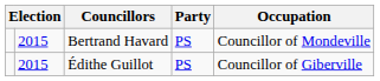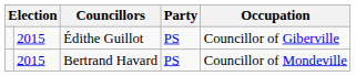 <table class="wikitable">
 <tr>
 <th colspan="2">Election</th>
 <th>Councillors</th>
 <th>Party</th>
 <th>Occupation</th>
 </tr>
 <tr>
 <td style="background-color: "></td>
 <td><a href='#'>2015</a></td>
+<td>Édithe Guillot</td>
+<td><a href='#'>PS</a></td>
+<td>Councillor of <a href='#'>Giberville</a></td>
+</tr>
+<tr>
+<td style="background-color: "></td>
+<td><a href='#'>2015</a></td>
 <td>Bertrand Havard</td>
 <td><a href='#'>PS</a></td>
 <td>Councillor of <a href='#'>Mondeville</a></td>
 </tr>
-<tr>
-<td style="background-color: "></td>
-<td><a href='#'>2015</a></td>
-<td>Édithe Guillot</td>
-<td><a href='#'>PS</a></td>
-<td>Councillor of <a href='#'>Giberville</a></td>
-</tr>
 </table>
